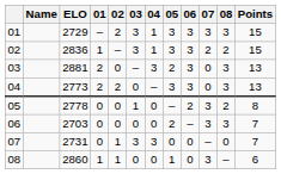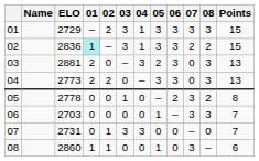 <table class="wikitable" style="text-align:center;">
 <tr>
 <th></th>
 <th>Name</th>
 <th>ELO</th>
 <th>01</th>
 <th>02</th>
 <th>03</th>
 <th>04</th>
 <th>05</th>
 <th>06</th>
 <th>07</th>
 <th>08</th>
 <th>Points</th>
 </tr>
 <tr>
 <td>01</td>
 <td style="text-align:left;" data-sort-value="Nakamura"></td>
 <td>2729</td>
 <td>–</td>
 <td>2</td>
 <td>3</td>
 <td>1</td>
 <td>3</td>
 <td>3</td>
 <td>3</td>
 <td>3</td>
 <td>15</td>
 </tr>
 <tr>
 <td>02</td>
 <td style="text-align:left;" data-sort-value="Ding"></td>
 <td>2836</td>
-<td>1</td>
+<td style="background: paleturquoise;">1</td>
 <td>–</td>
 <td>3</td>
 <td>1</td>
 <td>3</td>
 <td>3</td>
 <td>2</td>
 <td>2</td>
 <td>15</td>
 </tr>
 <tr>
 <td>03</td>
 <td style="text-align:left;" data-sort-value="Carlsen"></td>
 <td>2881</td>
 <td>2</td>
 <td>0</td>
 <td>–</td>
 <td>3</td>
 <td>2</td>
 <td>3</td>
 <td>0</td>
 <td>3</td>
 <td>13</td>
 </tr>
 <tr>
 <td>04</td>
 <td style="text-align:left;" data-sort-value="Caruana"></td>
 <td>2773</td>
 <td>2</td>
 <td>2</td>
 <td>0</td>
 <td>–</td>
 <td>3</td>
 <td>3</td>
 <td>0</td>
 <td>3</td>
 <td>13</td>
 </tr>
 <tr>
 <td style="border-top: 2px solid #000000;">05</td>
 <td style="text-align:left; border-top: 2px solid #000000;" data-sort-value="Nepomniachtchi"></td>
 <td style="border-top: 2px solid #000000;">2778</td>
 <td style="border-top: 2px solid #000000;">0</td>
 <td style="border-top: 2px solid #000000;">0</td>
 <td style="border-top: 2px solid #000000;">1</td>
 <td style="border-top: 2px solid #000000;">0</td>
 <td style="border-top: 2px solid #000000;">–</td>
 <td style="border-top: 2px solid #000000;">2</td>
 <td style="border-top: 2px solid #000000;">3</td>
 <td style="border-top: 2px solid #000000;">2</td>
 <td style="border-top: 2px solid #000000;">8</td>
 </tr>
 <tr>
 <td>06</td>
 <td style="text-align:left;" data-sort-value="Firouzja"></td>
 <td>2703</td>
 <td>0</td>
 <td>0</td>
 <td>0</td>
 <td>0</td>
-<td>2</td>
+<td>1</td>
 <td>–</td>
 <td>3</td>
 <td>3</td>
 <td>7</td>
 </tr>
 <tr>
 <td>07</td>
 <td style="text-align:left;" data-sort-value="Giri"></td>
 <td>2731</td>
 <td>0</td>
 <td>1</td>
 <td>3</td>
 <td>3</td>
 <td>0</td>
 <td>0</td>
 <td>–</td>
 <td>0</td>
 <td>7</td>
 </tr>
 <tr>
 <td>08</td>
 <td style="text-align:left;" data-sort-value="MVL"></td>
 <td>2860</td>
 <td>1</td>
 <td>1</td>
 <td>0</td>
 <td>0</td>
 <td>1</td>
 <td>0</td>
 <td>3</td>
 <td>–</td>
 <td>6</td>
 </tr>
 </table>
